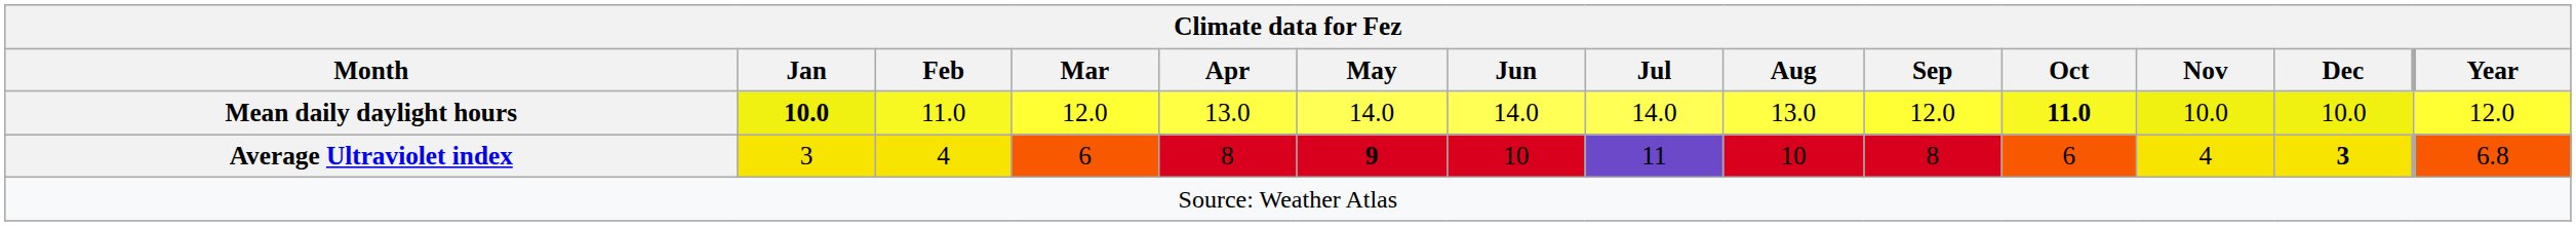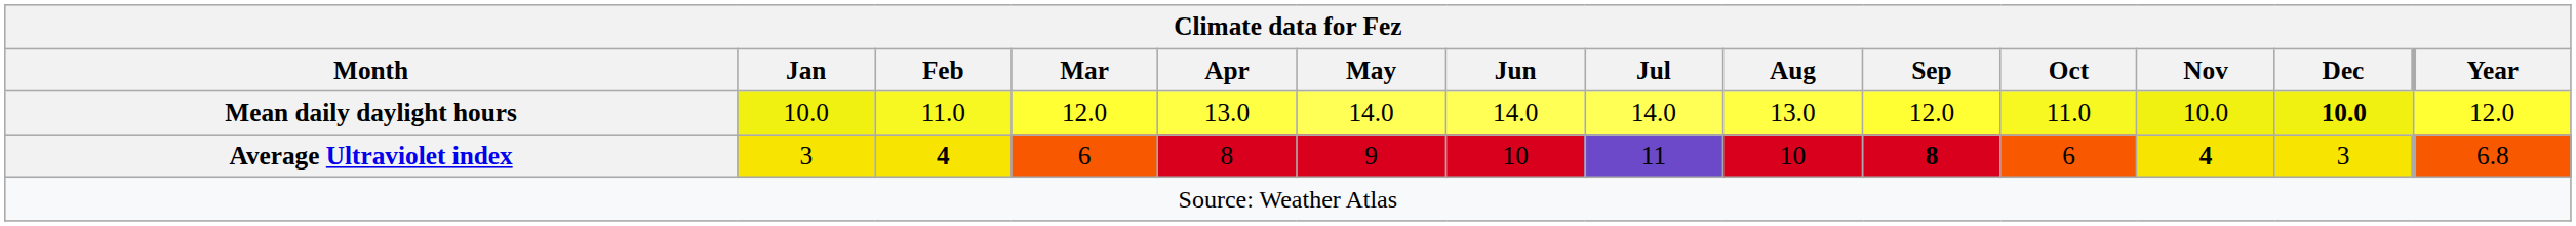 <table class="wikitable mw-collapsible" style="width:100%;text-align:center;line-height:1.2em;margin-left:auto; margin-right:auto">
 <tr>
 <th colspan="14">Climate data for Fez</th>
 </tr>
 <tr>
 <th>Month</th>
 <th>Jan</th>
 <th>Feb</th>
 <th>Mar</th>
 <th>Apr</th>
 <th>May</th>
 <th>Jun</th>
 <th>Jul</th>
 <th>Aug</th>
 <th>Sep</th>
 <th>Oct</th>
 <th>Nov</th>
 <th>Dec</th>
 <th style="border-left-width:medium">Year</th>
 </tr>
 <tr>
 <th>Mean daily daylight hours</th>
-<td style="background:#F0F011;color:#000000;"><strong>10.0</strong></td>
+<td style="background:#F0F011;color:#000000;">10.0</td>
 <td style="background:#F7F722;color:#000000;">11.0</td>
 <td style="background:#FFFF33;color:#000000;">12.0</td>
 <td style="background:#FFFF44;color:#000000;">13.0</td>
 <td style="background:#FFFF55;color:#000000;">14.0</td>
 <td style="background:#FFFF55;color:#000000;">14.0</td>
 <td style="background:#FFFF55;color:#000000;">14.0</td>
 <td style="background:#FFFF44;color:#000000;">13.0</td>
 <td style="background:#FFFF33;color:#000000;">12.0</td>
-<td style="background:#F7F722;color:#000000;"><strong>11.0</strong></td>
+<td style="background:#F7F722;color:#000000;">11.0</td>
 <td style="background:#F0F011;color:#000000;">10.0</td>
-<td style="background:#F0F011;color:#000000;">10.0</td>
+<td style="background:#F0F011;color:#000000;"><strong>10.0</strong></td>
 <td style="background:#FFFF33;color:#000000;">12.0</td>
 </tr>
 <tr>
 <th>Average <a href='#'>Ultraviolet index</a></th>
 <td style="background:#f7e400;color:#000000;">3</td>
-<td style="background:#f7e400;color:#000000;">4</td>
+<td style="background:#f7e400;color:#000000;"><strong>4</strong></td>
 <td style="background:#f85900;color:#000000;">6</td>
 <td style="background:#d8001d;color:#000000;">8</td>
-<td style="background:#d8001d;color:#000000;"><strong>9</strong></td>
+<td style="background:#d8001d;color:#000000;">9</td>
 <td style="background:#d8001d;color:#000000;">10</td>
 <td style="background:#6b49c8;color:#000000;">11</td>
 <td style="background:#d8001d;color:#000000;">10</td>
-<td style="background:#d8001d;color:#000000;">8</td>
+<td style="background:#d8001d;color:#000000;"><strong>8</strong></td>
 <td style="background:#f85900;color:#000000;">6</td>
-<td style="background:#f7e400;color:#000000;">4</td>
-<td style="background:#f7e400;color:#000000;"><strong>3</strong></td>
+<td style="background:#f7e400;color:#000000;"><strong>4</strong></td>
+<td style="background:#f7e400;color:#000000;">3</td>
 <td style="background:#f85900;color:#000000;border-left-width:medium">6.8</td>
 </tr>
 <tr>
 <th colspan="14" style="background:#f8f9fa;font-weight:normal;font-size:95%;">Source: Weather Atlas </th>
 </tr>
 </table>
